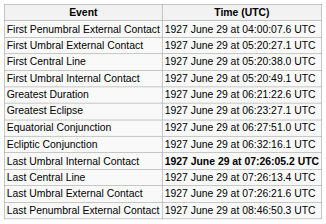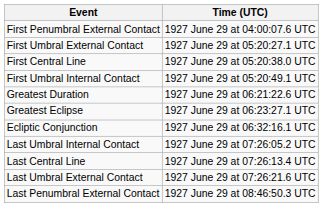 <table class="wikitable">
 <tr>
 <th>Event</th>
 <th>Time (UTC)</th>
 </tr>
 <tr>
 <td>First Penumbral External Contact</td>
 <td>1927 June 29 at 04:00:07.6 UTC</td>
 </tr>
 <tr>
 <td>First Umbral External Contact</td>
 <td>1927 June 29 at 05:20:27.1 UTC</td>
 </tr>
 <tr>
 <td>First Central Line</td>
 <td>1927 June 29 at 05:20:38.0 UTC</td>
 </tr>
 <tr>
 <td>First Umbral Internal Contact</td>
 <td>1927 June 29 at 05:20:49.1 UTC</td>
 </tr>
 <tr>
 <td>Greatest Duration</td>
 <td>1927 June 29 at 06:21:22.6 UTC</td>
 </tr>
 <tr>
 <td>Greatest Eclipse</td>
 <td>1927 June 29 at 06:23:27.1 UTC</td>
 </tr>
 <tr>
-<td>Equatorial Conjunction</td>
-<td>1927 June 29 at 06:27:51.0 UTC</td>
-</tr>
-<tr>
 <td>Ecliptic Conjunction</td>
 <td>1927 June 29 at 06:32:16.1 UTC</td>
 </tr>
 <tr>
 <td>Last Umbral Internal Contact</td>
-<td><strong>1927 June 29 at 07:26:05.2 UTC</strong></td>
+<td>1927 June 29 at 07:26:05.2 UTC</td>
 </tr>
 <tr>
 <td>Last Central Line</td>
 <td>1927 June 29 at 07:26:13.4 UTC</td>
 </tr>
 <tr>
 <td>Last Umbral External Contact</td>
 <td>1927 June 29 at 07:26:21.6 UTC</td>
 </tr>
 <tr>
 <td>Last Penumbral External Contact</td>
 <td>1927 June 29 at 08:46:50.3 UTC</td>
 </tr>
 </table>
